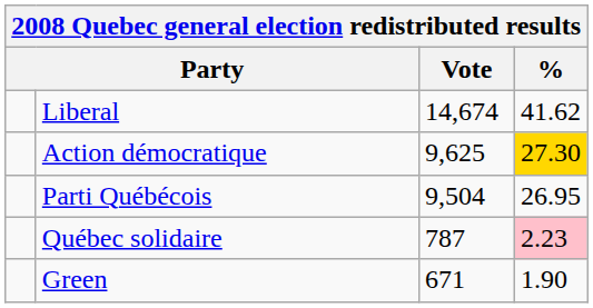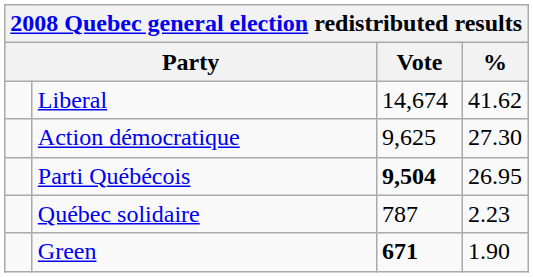 <table class="wikitable">
 <tr>
 <th colspan="4"><a href='#'>2008 Quebec general election</a> redistributed results</th>
 </tr>
 <tr>
 <th bgcolor="#DDDDFF" width="230px" colspan="2">Party</th>
 <th bgcolor="#DDDDFF" width="50px">Vote</th>
 <th bgcolor="#DDDDFF" width="30px">%</th>
 </tr>
 <tr>
 <td> </td>
 <td><a href='#'>Liberal</a></td>
 <td>14,674</td>
 <td>41.62</td>
 </tr>
 <tr>
 <td> </td>
 <td><a href='#'>Action démocratique</a></td>
 <td>9,625</td>
-<td style="background: gold;">27.30</td>
+<td>27.30</td>
 </tr>
 <tr>
 <td> </td>
 <td><a href='#'>Parti Québécois</a></td>
-<td>9,504</td>
+<td><strong>9,504</strong></td>
 <td>26.95</td>
 </tr>
 <tr>
 <td> </td>
 <td><a href='#'>Québec solidaire</a></td>
 <td>787</td>
-<td style="background: pink;">2.23</td>
+<td>2.23</td>
 </tr>
 <tr>
 <td> </td>
 <td><a href='#'>Green</a></td>
-<td>671</td>
+<td><strong>671</strong></td>
 <td>1.90</td>
 </tr>
 </table>
